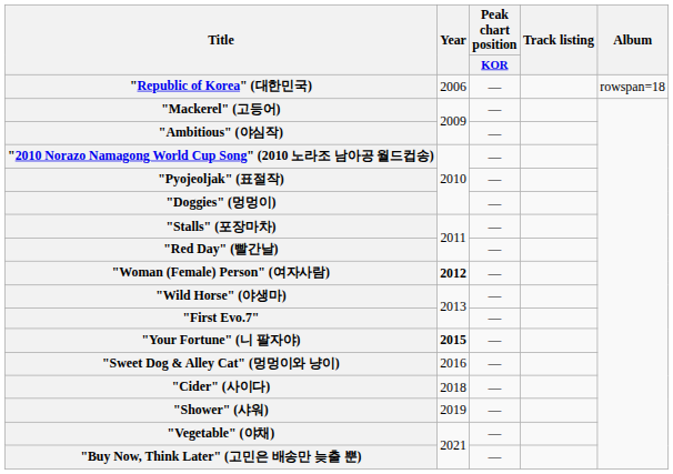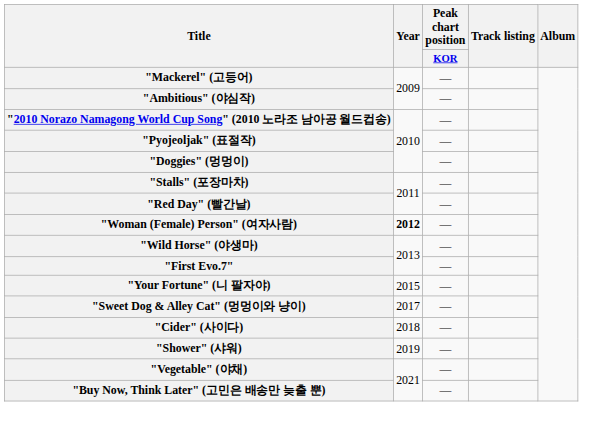 <table class="wikitable plainrowheaders" style="text-align:center;">
 <tr>
 <th scope="col" rowspan="2">Title</th>
 <th scope="col" rowspan="2">Year</th>
 <th scope="col">Peak chart position</th>
 <th scope="col" rowspan="2">Track listing</th>
 <th scope="col" rowspan="2">Album</th>
 </tr>
 <tr>
 <th scope="col" style="width:3em;font-size:90%;"><a href='#'>KOR</a></th>
-</tr>
-<tr>
-<th scope="row">"<a href='#'>Republic of Korea</a>" (대한민국)</th>
-<td>2006</td>
-<td>—</td>
-<td></td>
-<td>rowspan=18 </td>
 </tr>
 <tr>
 <th scope="row">"Mackerel" (고등어)</th>
 <td rowspan="2">2009</td>
 <td>—</td>
 <td></td>
 </tr>
 <tr>
 <th scope="row">"Ambitious" (야심작)</th>
 <td>—</td>
 <td></td>
 </tr>
 <tr>
 <th scope="row">"<a href='#'>2010 Norazo Namagong World Cup Song</a>" (2010 노라조 남아공 월드컵송)</th>
 <td rowspan="3">2010</td>
 <td>—</td>
 <td></td>
 </tr>
 <tr>
 <th scope="row">"Pyojeoljak" (표절작) </th>
 <td>—</td>
 <td></td>
 </tr>
 <tr>
 <th scope="row">"Doggies" (멍멍이)</th>
 <td>—</td>
 <td></td>
 </tr>
 <tr>
 <th scope="row">"Stalls" (포장마차)</th>
 <td rowspan="2">2011</td>
 <td>—</td>
 <td></td>
 </tr>
 <tr>
 <th scope="row">"Red Day" (빨간날)</th>
 <td>—</td>
 <td></td>
 </tr>
 <tr>
 <th scope="row">"Woman (Female) Person" (여자사람)</th>
 <td><strong>2012</strong></td>
 <td>—</td>
 <td></td>
 </tr>
 <tr>
 <th scope="row">"Wild Horse" (야생마) </th>
 <td rowspan=2>2013</td>
 <td>—</td>
 <td></td>
 </tr>
 <tr>
 <th scope="row">"First Evo.7"</th>
 <td>—</td>
 <td></td>
 </tr>
 <tr>
 <th scope="row">"Your Fortune" (니 팔자야)</th>
-<td><strong>2015</strong></td>
+<td>2015</td>
 <td>—</td>
 <td></td>
 </tr>
 <tr>
 <th scope="row">"Sweet Dog & Alley Cat" (멍멍이와 냥이)</th>
-<td>2016</td>
+<td>2017</td>
 <td>—</td>
 <td></td>
 </tr>
 <tr>
 <th scope="row">"Cider" (사이다)</th>
 <td>2018</td>
 <td>—</td>
 <td></td>
 </tr>
 <tr>
 <th scope="row">"Shower" (샤워)</th>
 <td>2019</td>
 <td>—</td>
 <td></td>
 </tr>
 <tr>
 <th scope="row">"Vegetable" (야채)</th>
 <td rowspan=2>2021</td>
 <td>—</td>
 <td></td>
 </tr>
 <tr>
 <th scope="row">"Buy Now, Think Later" (고민은 배송만 늦출 뿐)</th>
 <td>—</td>
 <td></td>
 </tr>
 </table>
